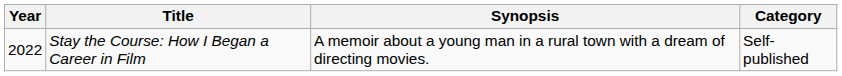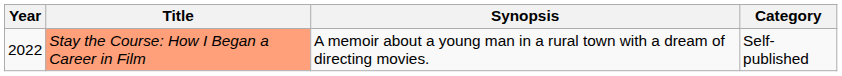 <table class="wikitable">
 <tr>
 <th>Year</th>
 <th>Title</th>
 <th>Synopsis</th>
 <th>Category</th>
 </tr>
 <tr>
 <td>2022</td>
-<td><em>Stay the Course: How I Began a Career in Film</em></td>
+<td style="background: lightsalmon;"><em>Stay the Course: How I Began a Career in Film</em></td>
 <td>A memoir about a young man in a rural town with a dream of directing movies.</td>
 <td>Self-published</td>
 </tr>
 </table>
